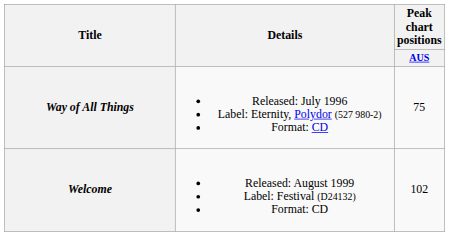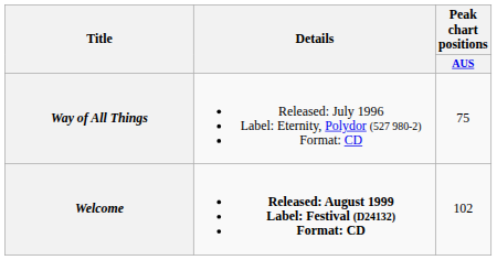 <table class="wikitable plainrowheaders" style="text-align:center;" border="1">
 <tr>
 <th scope="col" rowspan="2" style="width:14em;">Title</th>
 <th scope="col" rowspan="2" style="width:18em;">Details</th>
 <th scope="col" colspan="1">Peak chart positions</th>
 </tr>
 <tr>
 <th scope="col" style="width:3em;font-size:85%;"><a href='#'>AUS</a><br></th>
 </tr>
 <tr>
 <th scope="row"><em>Way of All Things</em></th>
 <td><br><ul><li>Released: July 1996</li><li>Label: Eternity, <a href='#'>Polydor</a> <small>(527 980-2)</small></li><li>Format: <a href='#'>CD</a></li></ul></td>
 <td>75</td>
 </tr>
 <tr>
 <th scope="row"><em>Welcome</em></th>
-<td><br><ul><li>Released: August 1999</li><li>Label: Festival <small>(D24132)</small></li><li>Format: CD</li></ul></td>
+<td><strong><br><ul><li>Released: August 1999</li><li>Label: Festival <small>(D24132)</small></li><li>Format: CD</li></ul></strong></td>
 <td>102</td>
 </tr>
 </table>
